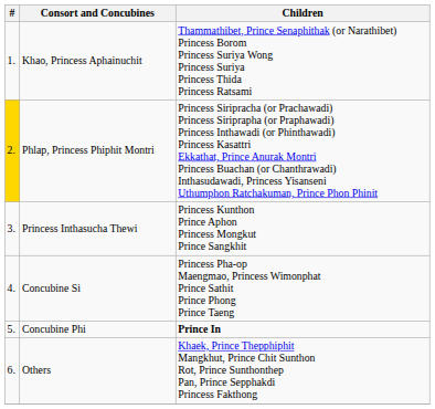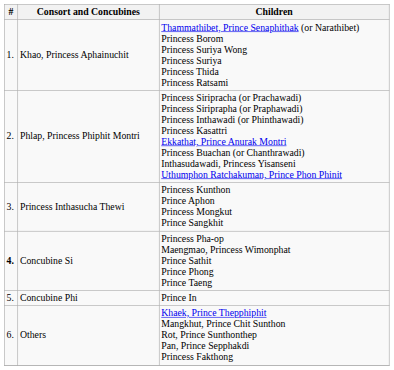 <table style="text-align:left" class="wikitable" width=50%>
 <tr>
 <th>#</th>
 <th>Consort and Concubines</th>
 <th>Children</th>
 </tr>
 <tr>
 <td>1.</td>
 <td>Khao, Princess Aphainuchit</td>
 <td><a href='#'>Thammathibet, Prince Senaphithak</a> (or Narathibet)<br>Princess Borom<br>Princess Suriya Wong<br>Princess Suriya<br>Princess Thida<br>Princess Ratsami</td>
 </tr>
 <tr>
-<td style="background: gold;">2.</td>
+<td>2.</td>
 <td>Phlap, Princess Phiphit Montri</td>
 <td>Princess Siripracha (or Prachawadi)<br>Princess Siriprapha (or Praphawadi)<br>Princess Inthawadi (or Phinthawadi)<br>Princess Kasattri<br><a href='#'>Ekkathat, Prince Anurak Montri</a><br>Princess Buachan (or Chanthrawadi)<br>Inthasudawadi, Princess Yisanseni<br><a href='#'>Uthumphon Ratchakuman, Prince Phon Phinit</a></td>
 </tr>
 <tr>
 <td>3.</td>
 <td>Princess Inthasucha Thewi</td>
 <td>Princess Kunthon<br>Prince Aphon<br>Princess Mongkut<br>Prince Sangkhit</td>
 </tr>
 <tr>
-<td>4.</td>
+<td><strong>4.</strong></td>
 <td>Concubine Si</td>
 <td>Princess Pha-op<br>Maengmao, Princess Wimonphat<br>Prince Sathit<br>Prince Phong<br>Prince Taeng</td>
 </tr>
 <tr>
 <td>5.</td>
 <td>Concubine Phi</td>
-<td><strong>Prince In</strong></td>
+<td>Prince In</td>
 </tr>
 <tr>
 <td>6.</td>
 <td>Others</td>
 <td><a href='#'>Khaek, Prince Thepphiphit</a><br>Mangkhut, Prince Chit Sunthon<br>Rot, Prince Sunthonthep<br>Pan, Prince Sepphakdi<br>Princess Fakthong</td>
 </tr>
 <tr>
 </tr>
 </table>
